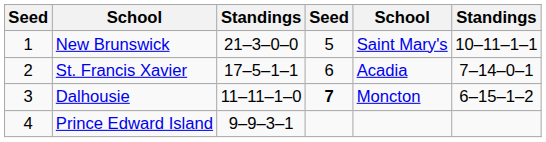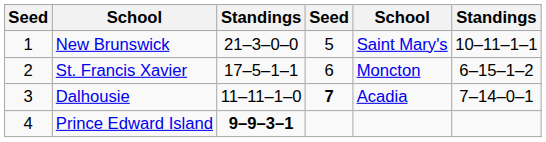 <table class="wikitable">
 <tr>
 <th>Seed</th>
 <th>School</th>
 <th>Standings</th>
 <th>Seed</th>
 <th>School</th>
 <th>Standings</th>
 </tr>
 <tr>
 <td align=center>1</td>
 <td><a href='#'>New Brunswick</a></td>
 <td align=center>21–3–0–0</td>
 <td align=center>5</td>
 <td><a href='#'>Saint Mary's</a></td>
 <td align=center>10–11–1–1</td>
 </tr>
 <tr>
 <td align=center>2</td>
 <td><a href='#'>St. Francis Xavier</a></td>
 <td align=center>17–5–1–1</td>
 <td align=center>6</td>
-<td><a href='#'>Acadia</a></td>
-<td align=center>7–14–0–1</td>
+<td><a href='#'>Moncton</a></td>
+<td align=center>6–15–1–2</td>
 </tr>
 <tr>
 <td align=center>3</td>
 <td><a href='#'>Dalhousie</a></td>
 <td align=center>11–11–1–0</td>
 <td align=center><strong>7</strong></td>
-<td><a href='#'>Moncton</a></td>
-<td align=center>6–15–1–2</td>
+<td><a href='#'>Acadia</a></td>
+<td align=center>7–14–0–1</td>
 </tr>
 <tr>
 <td align=center>4</td>
 <td><a href='#'>Prince Edward Island</a></td>
-<td align=center>9–9–3–1</td>
+<td align=center><strong>9–9–3–1</strong></td>
 <td></td>
 <td></td>
 <td></td>
 </tr>
 </table>
